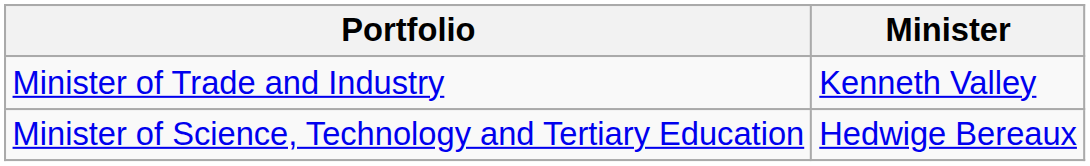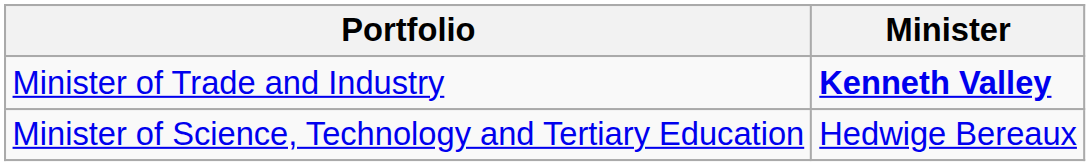 <table class="wikitable">
 <tr>
 <th>Portfolio</th>
 <th colspan=2>Minister</th>
 </tr>
 <tr>
 <td><a href='#'>Minister of Trade and Industry</a></td>
-<td><a href='#'>Kenneth Valley</a></td>
+<td><strong><a href='#'>Kenneth Valley</a></strong></td>
 </tr>
 <tr>
 <td><a href='#'>Minister of Science, Technology and Tertiary Education</a></td>
 <td><a href='#'>Hedwige Bereaux</a></td>
 </tr>
 </table>
